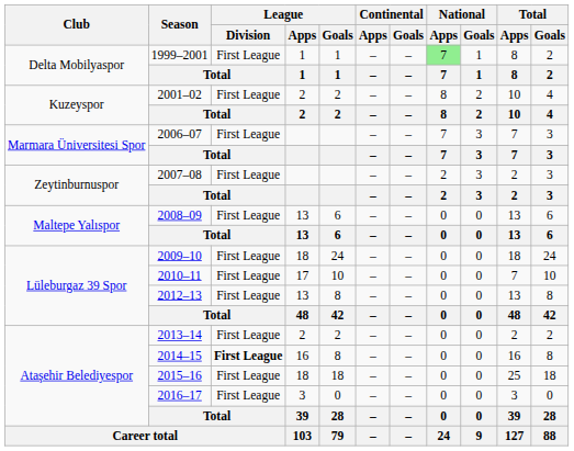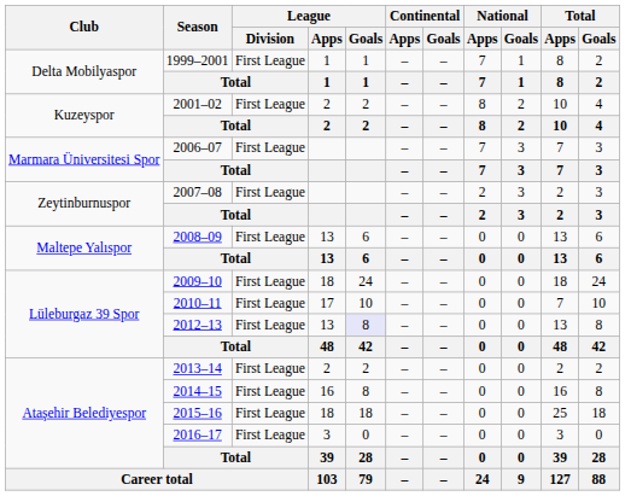 <table class="wikitable" style="text-align: center;">
 <tr>
 <th rowspan=2>Club</th>
 <th rowspan=2>Season</th>
 <th colspan=3>League</th>
 <th colspan=2>Continental</th>
 <th colspan=2>National</th>
 <th colspan=2>Total</th>
 </tr>
 <tr>
 <th>Division</th>
 <th>Apps</th>
 <th>Goals</th>
 <th>Apps</th>
 <th>Goals</th>
 <th>Apps</th>
 <th>Goals</th>
 <th>Apps</th>
 <th>Goals</th>
 </tr>
 <tr>
 <td rowspan=2>Delta Mobilyaspor</td>
 <td>1999–2001</td>
 <td>First League</td>
 <td>1</td>
 <td>1</td>
 <td>–</td>
 <td>–</td>
-<td style="background: lightgreen;">7</td>
+<td>7</td>
 <td>1</td>
 <td>8</td>
 <td>2</td>
 </tr>
 <tr>
 <th colspan=2>Total</th>
 <th>1</th>
 <th>1</th>
 <th>–</th>
 <th>–</th>
 <th>7</th>
 <th>1</th>
 <th>8</th>
 <th>2</th>
 </tr>
 <tr>
 <td rowspan=2>Kuzeyspor</td>
 <td>2001–02</td>
 <td>First League</td>
 <td>2</td>
 <td>2</td>
 <td>–</td>
 <td>–</td>
 <td>8</td>
 <td>2</td>
 <td>10</td>
 <td>4</td>
 </tr>
 <tr>
 <th colspan=2>Total</th>
 <th>2</th>
 <th>2</th>
 <th>–</th>
 <th>–</th>
 <th>8</th>
 <th>2</th>
 <th>10</th>
 <th>4</th>
 </tr>
 <tr>
 <td rowspan=2><a href='#'>Marmara Üniversitesi Spor</a></td>
 <td>2006–07</td>
 <td>First League</td>
 <td></td>
 <td></td>
 <td>–</td>
 <td>–</td>
 <td>7</td>
 <td>3</td>
 <td>7</td>
 <td>3</td>
 </tr>
 <tr>
 <th colspan=2>Total</th>
 <th></th>
 <th></th>
 <th>–</th>
 <th>–</th>
 <th>7</th>
 <th>3</th>
 <th>7</th>
 <th>3</th>
 </tr>
 <tr>
 <td rowspan=2>Zeytinburnuspor</td>
 <td>2007–08</td>
 <td>First League</td>
 <td></td>
 <td></td>
 <td>–</td>
 <td>–</td>
 <td>2</td>
 <td>3</td>
 <td>2</td>
 <td>3</td>
 </tr>
 <tr>
 <th colspan=2>Total</th>
 <th></th>
 <th></th>
 <th>–</th>
 <th>–</th>
 <th>2</th>
 <th>3</th>
 <th>2</th>
 <th>3</th>
 </tr>
 <tr>
 <td rowspan=2><a href='#'>Maltepe Yalıspor</a></td>
 <td><a href='#'>2008–09</a></td>
 <td>First League</td>
 <td>13</td>
 <td>6</td>
 <td>–</td>
 <td>–</td>
 <td>0</td>
 <td>0</td>
 <td>13</td>
 <td>6</td>
 </tr>
 <tr>
 <th colspan=2>Total</th>
 <th>13</th>
 <th>6</th>
 <th>–</th>
 <th>–</th>
 <th>0</th>
 <th>0</th>
 <th>13</th>
 <th>6</th>
 </tr>
 <tr>
 <td rowspan=4><a href='#'>Lüleburgaz 39 Spor</a></td>
 <td><a href='#'>2009–10</a></td>
 <td>First League</td>
 <td>18</td>
 <td>24</td>
 <td>–</td>
 <td>–</td>
 <td>0</td>
 <td>0</td>
 <td>18</td>
 <td>24</td>
 </tr>
 <tr>
 <td><a href='#'>2010–11</a></td>
 <td>First League</td>
 <td>17</td>
 <td>10</td>
 <td>–</td>
 <td>–</td>
 <td>0</td>
 <td>0</td>
 <td>7</td>
 <td>10</td>
 </tr>
 <tr>
 <td><a href='#'>2012–13</a></td>
 <td>First League</td>
 <td>13</td>
-<td>8</td>
+<td style="background: lavender;">8</td>
 <td>–</td>
 <td>–</td>
 <td>0</td>
 <td>0</td>
 <td>13</td>
 <td>8</td>
 </tr>
 <tr>
 <th colspan=2>Total</th>
 <th>48</th>
 <th>42</th>
 <th>–</th>
 <th>–</th>
 <th>0</th>
 <th>0</th>
 <th>48</th>
 <th>42</th>
 </tr>
 <tr>
 <td rowspan=5><a href='#'>Ataşehir Belediyespor</a></td>
 <td><a href='#'>2013–14</a></td>
 <td>First League</td>
 <td>2</td>
 <td>2</td>
 <td>–</td>
 <td>–</td>
 <td>0</td>
 <td>0</td>
 <td>2</td>
 <td>2</td>
 </tr>
 <tr>
 <td><a href='#'>2014–15</a></td>
-<td><strong>First League</strong></td>
+<td>First League</td>
 <td>16</td>
 <td>8</td>
 <td>–</td>
 <td>–</td>
 <td>0</td>
 <td>0</td>
 <td>16</td>
 <td>8</td>
 </tr>
 <tr>
 <td><a href='#'>2015–16</a></td>
 <td>First League</td>
 <td>18</td>
 <td>18</td>
 <td>–</td>
 <td>–</td>
 <td>0</td>
 <td>0</td>
 <td>25</td>
 <td>18</td>
 </tr>
 <tr>
 <td><a href='#'>2016–17</a></td>
 <td>First League</td>
 <td>3</td>
 <td>0</td>
 <td>–</td>
 <td>–</td>
 <td>0</td>
 <td>0</td>
 <td>3</td>
 <td>0</td>
 </tr>
 <tr>
 <th colspan=2>Total</th>
 <th>39</th>
 <th>28</th>
 <th>–</th>
 <th>–</th>
 <th>0</th>
 <th>0</th>
 <th>39</th>
 <th>28</th>
 </tr>
 <tr>
 <th colspan=3>Career total</th>
 <th>103</th>
 <th>79</th>
 <th>–</th>
 <th>–</th>
 <th>24</th>
 <th>9</th>
 <th>127</th>
 <th>88</th>
 </tr>
 </table>
